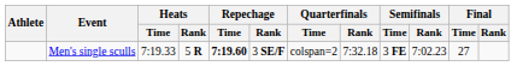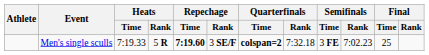 <table class=wikitable style=font-size:90%;text-align:center>
 <tr>
 <th rowspan=2>Athlete</th>
 <th rowspan=2>Event</th>
 <th colspan=2>Heats</th>
 <th colspan=2>Repechage</th>
 <th colspan=2>Quarterfinals</th>
 <th colspan=2>Semifinals</th>
 <th colspan=2>Final</th>
 </tr>
 <tr style=font-size:95%>
 <th>Time</th>
 <th>Rank</th>
 <th>Time</th>
 <th>Rank</th>
 <th>Time</th>
 <th>Rank</th>
 <th>Time</th>
 <th>Rank</th>
 <th>Time</th>
 <th>Rank</th>
 </tr>
 <tr>
 <td align=left></td>
 <td align=left><a href='#'>Men's single sculls</a></td>
 <td>7:19.33</td>
 <td>5 <strong>R</strong></td>
 <td><strong>7:19.60</strong></td>
 <td>3 <strong>SE/F</strong></td>
-<td>colspan=2 </td>
+<td><strong>colspan=2 </strong></td>
 <td>7:32.18</td>
 <td>3 <strong>FE</strong></td>
 <td>7:02.23</td>
-<td>27</td>
+<td>25</td>
 </tr>
 </table>
